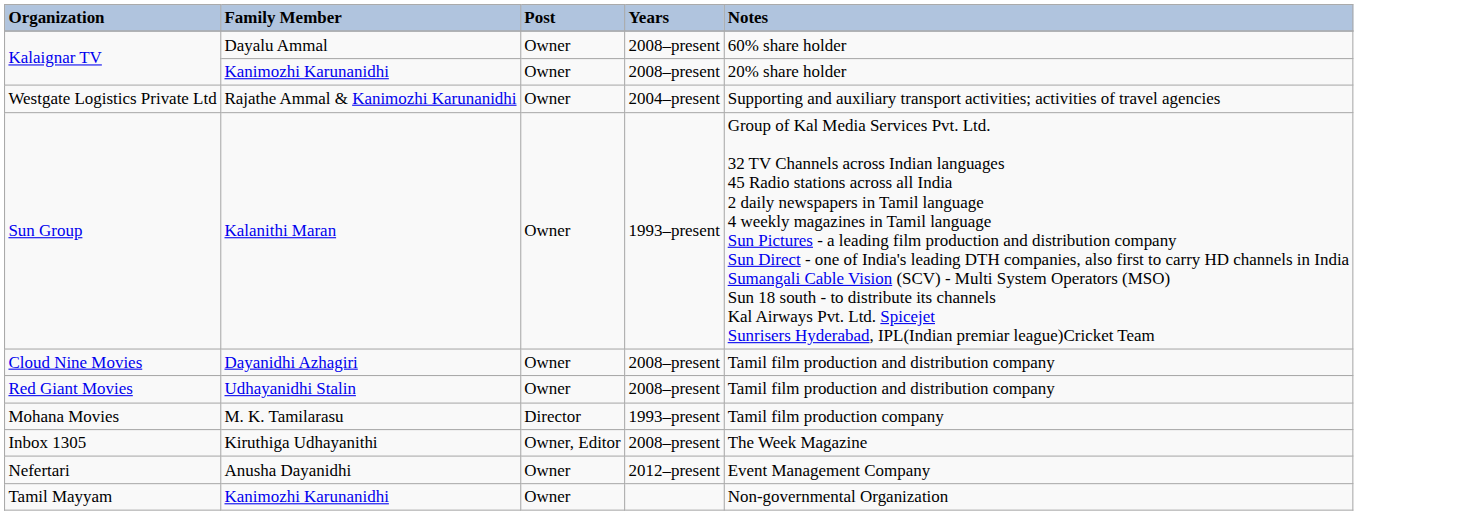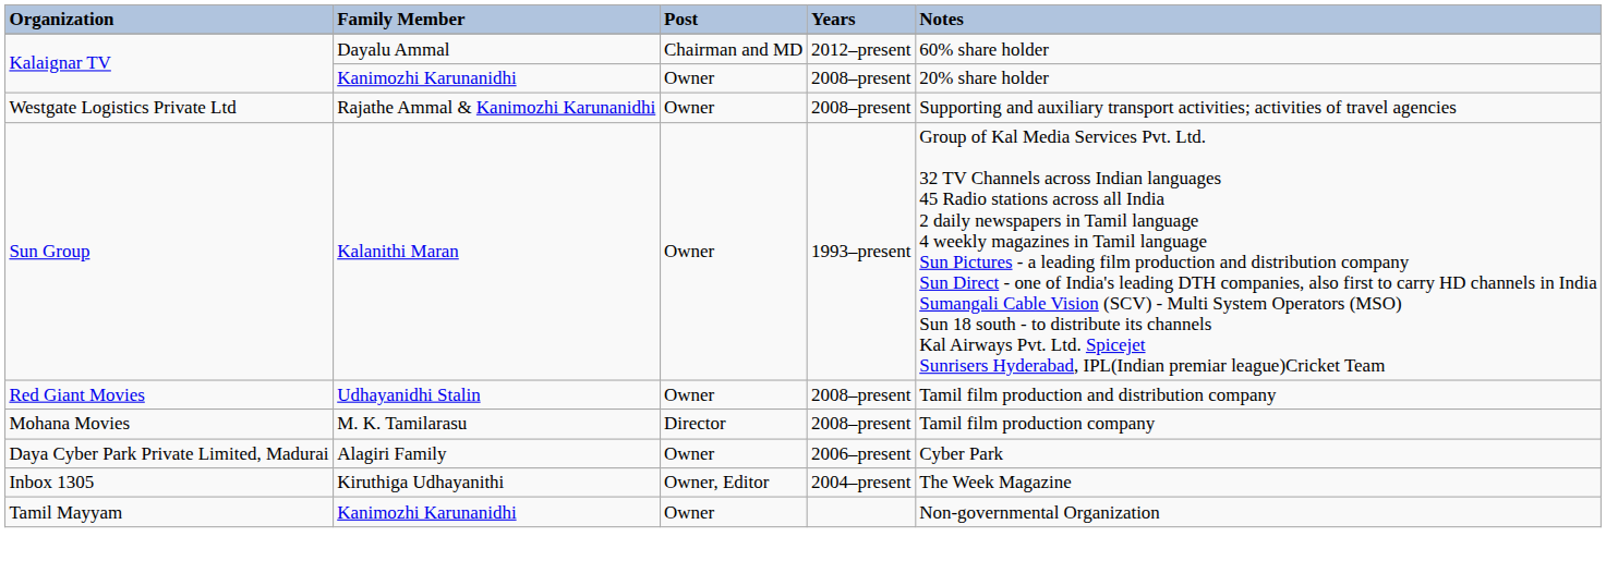 <table class="wikitable sortable">
 <tr style="background: LightSteelBlue;">
 <td><strong>Organization</strong></td>
 <td><strong>Family Member</strong></td>
 <td><strong>Post</strong></td>
 <td><strong>Years</strong></td>
 <td><strong>Notes</strong></td>
 </tr>
 <tr style="background:#CCCCC">
 </tr>
 <tr align ="center">
 </tr>
 <tr>
 <td rowspan=2><a href='#'>Kalaignar TV</a></td>
 <td>Dayalu Ammal</td>
-<td>Owner</td>
-<td>2008–present</td>
+<td>Chairman and MD</td>
+<td>2012–present</td>
 <td>60% share holder</td>
 </tr>
 <tr>
 <td><a href='#'>Kanimozhi Karunanidhi</a></td>
 <td>Owner</td>
 <td>2008–present</td>
 <td>20% share holder</td>
 </tr>
 <tr>
 <td>Westgate Logistics Private Ltd</td>
 <td>Rajathe Ammal & <a href='#'>Kanimozhi Karunanidhi</a></td>
 <td>Owner</td>
-<td>2004–present</td>
+<td>2008–present</td>
 <td>Supporting and auxiliary transport activities; activities of travel agencies</td>
 </tr>
 <tr>
 <td><a href='#'>Sun Group</a></td>
 <td><a href='#'>Kalanithi Maran</a></td>
 <td>Owner</td>
 <td>1993–present</td>
 <td>Group of Kal Media Services Pvt. Ltd.<br><br>32 TV Channels across Indian languages<br> 45 Radio stations across all India<br> 2 daily newspapers in Tamil language<br> 4 weekly magazines in Tamil language<br> <a href='#'>Sun Pictures</a> - a leading film production and distribution company<br> <a href='#'>Sun Direct</a> - one of India's leading DTH companies, also first to carry HD channels in India<br> <a href='#'>Sumangali Cable Vision</a> (SCV) - Multi System Operators (MSO)<br> Sun 18 south - to distribute its channels<br> Kal Airways Pvt. Ltd. <a href='#'>Spicejet</a><br> <a href='#'>Sunrisers Hyderabad</a>, IPL(Indian premiar league)Cricket Team</td>
-</tr>
-<tr>
-<td><a href='#'>Cloud Nine Movies</a></td>
-<td><a href='#'>Dayanidhi Azhagiri</a></td>
-<td>Owner</td>
-<td>2008–present</td>
-<td>Tamil film production and distribution company</td>
 </tr>
 <tr>
 <td><a href='#'>Red Giant Movies</a></td>
 <td><a href='#'>Udhayanidhi Stalin</a></td>
 <td>Owner</td>
 <td>2008–present</td>
 <td>Tamil film production and distribution company</td>
 </tr>
 <tr>
 <td>Mohana Movies</td>
 <td>M. K. Tamilarasu</td>
 <td>Director</td>
-<td>1993–present</td>
+<td>2008–present</td>
 <td>Tamil film production company</td>
+</tr>
+<tr>
+<td>Daya Cyber Park Private Limited, Madurai</td>
+<td>Alagiri Family</td>
+<td>Owner</td>
+<td>2006–present</td>
+<td>Cyber Park</td>
 </tr>
 <tr>
 <td>Inbox 1305</td>
 <td>Kiruthiga Udhayanithi</td>
 <td>Owner, Editor</td>
-<td>2008–present</td>
+<td>2004–present</td>
 <td>The Week Magazine</td>
-</tr>
-<tr>
-<td>Nefertari</td>
-<td>Anusha Dayanidhi</td>
-<td>Owner</td>
-<td>2012–present</td>
-<td>Event Management Company</td>
 </tr>
 <tr>
 <td>Tamil Mayyam</td>
 <td><a href='#'>Kanimozhi Karunanidhi</a></td>
 <td>Owner</td>
 <td></td>
 <td>Non-governmental Organization</td>
 </tr>
 </table>
